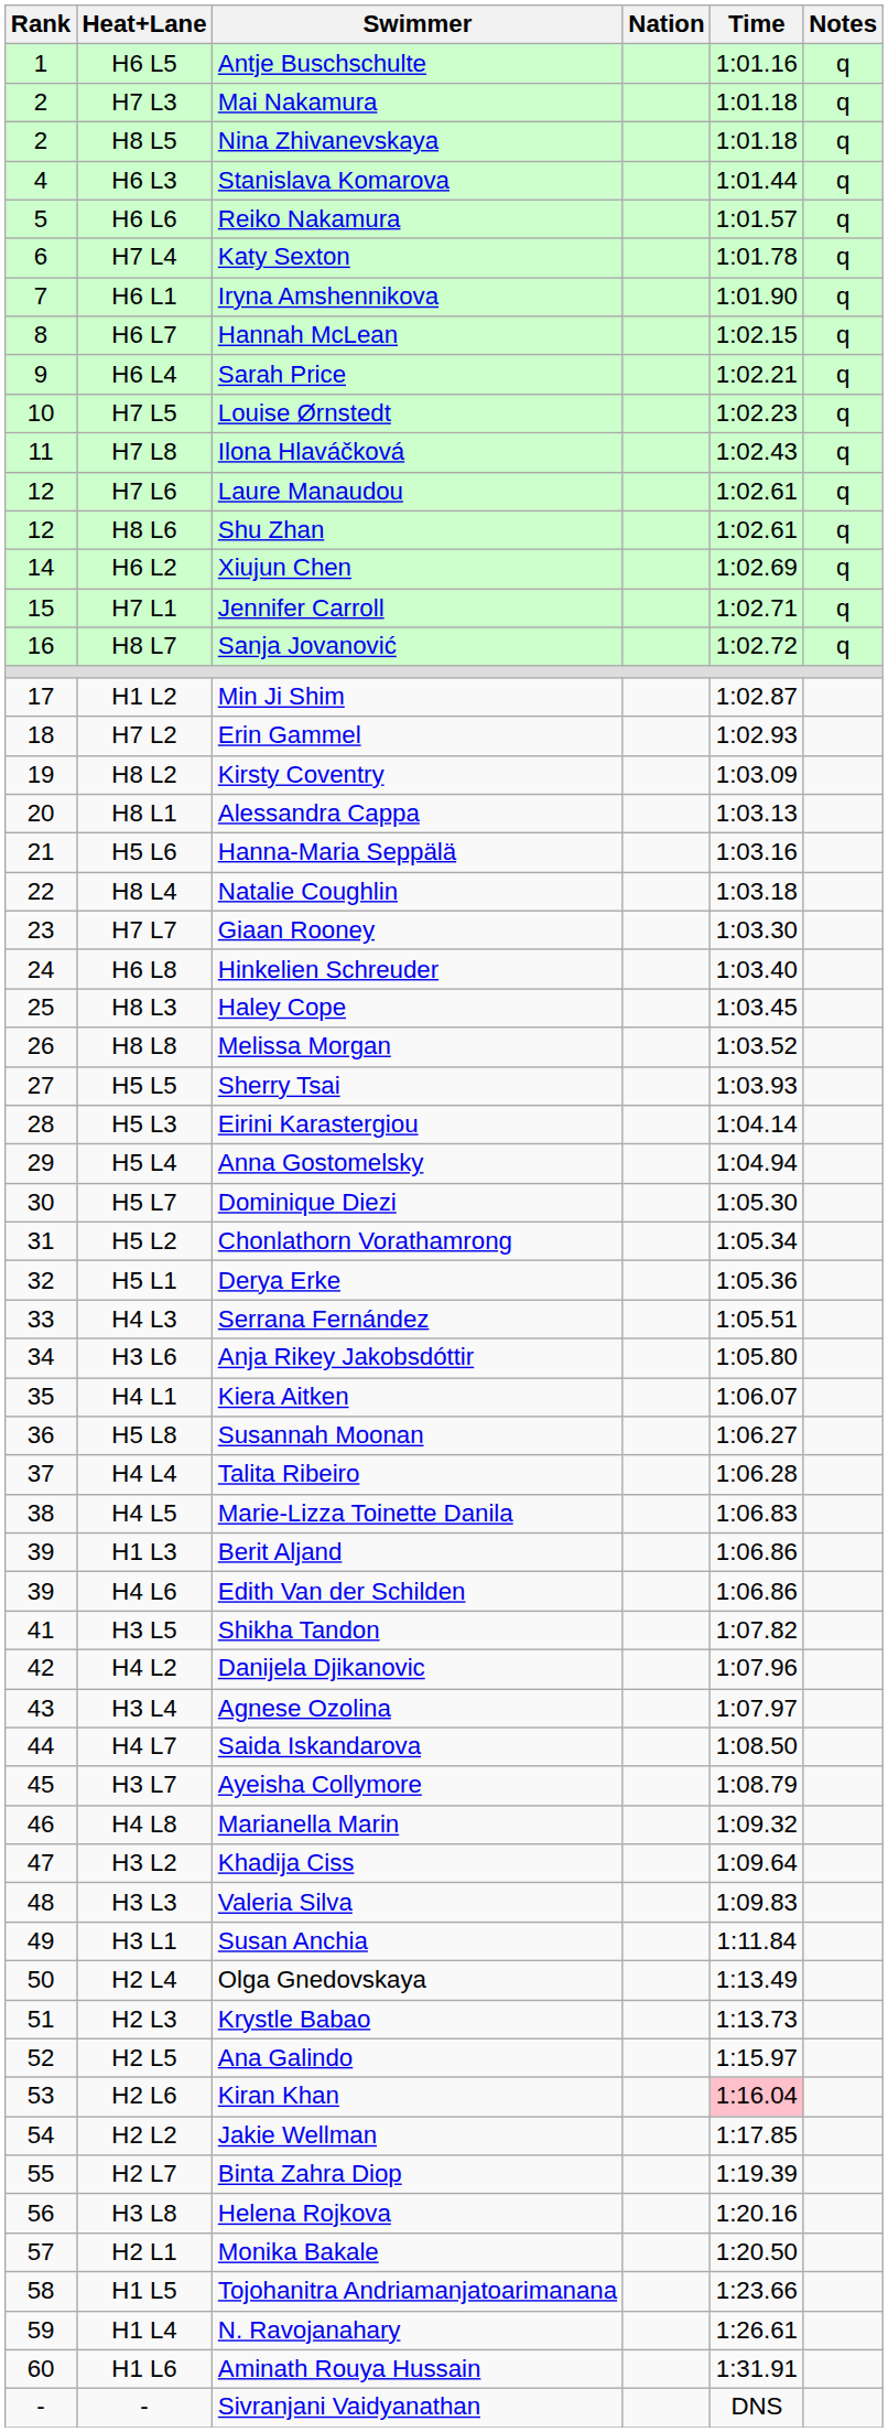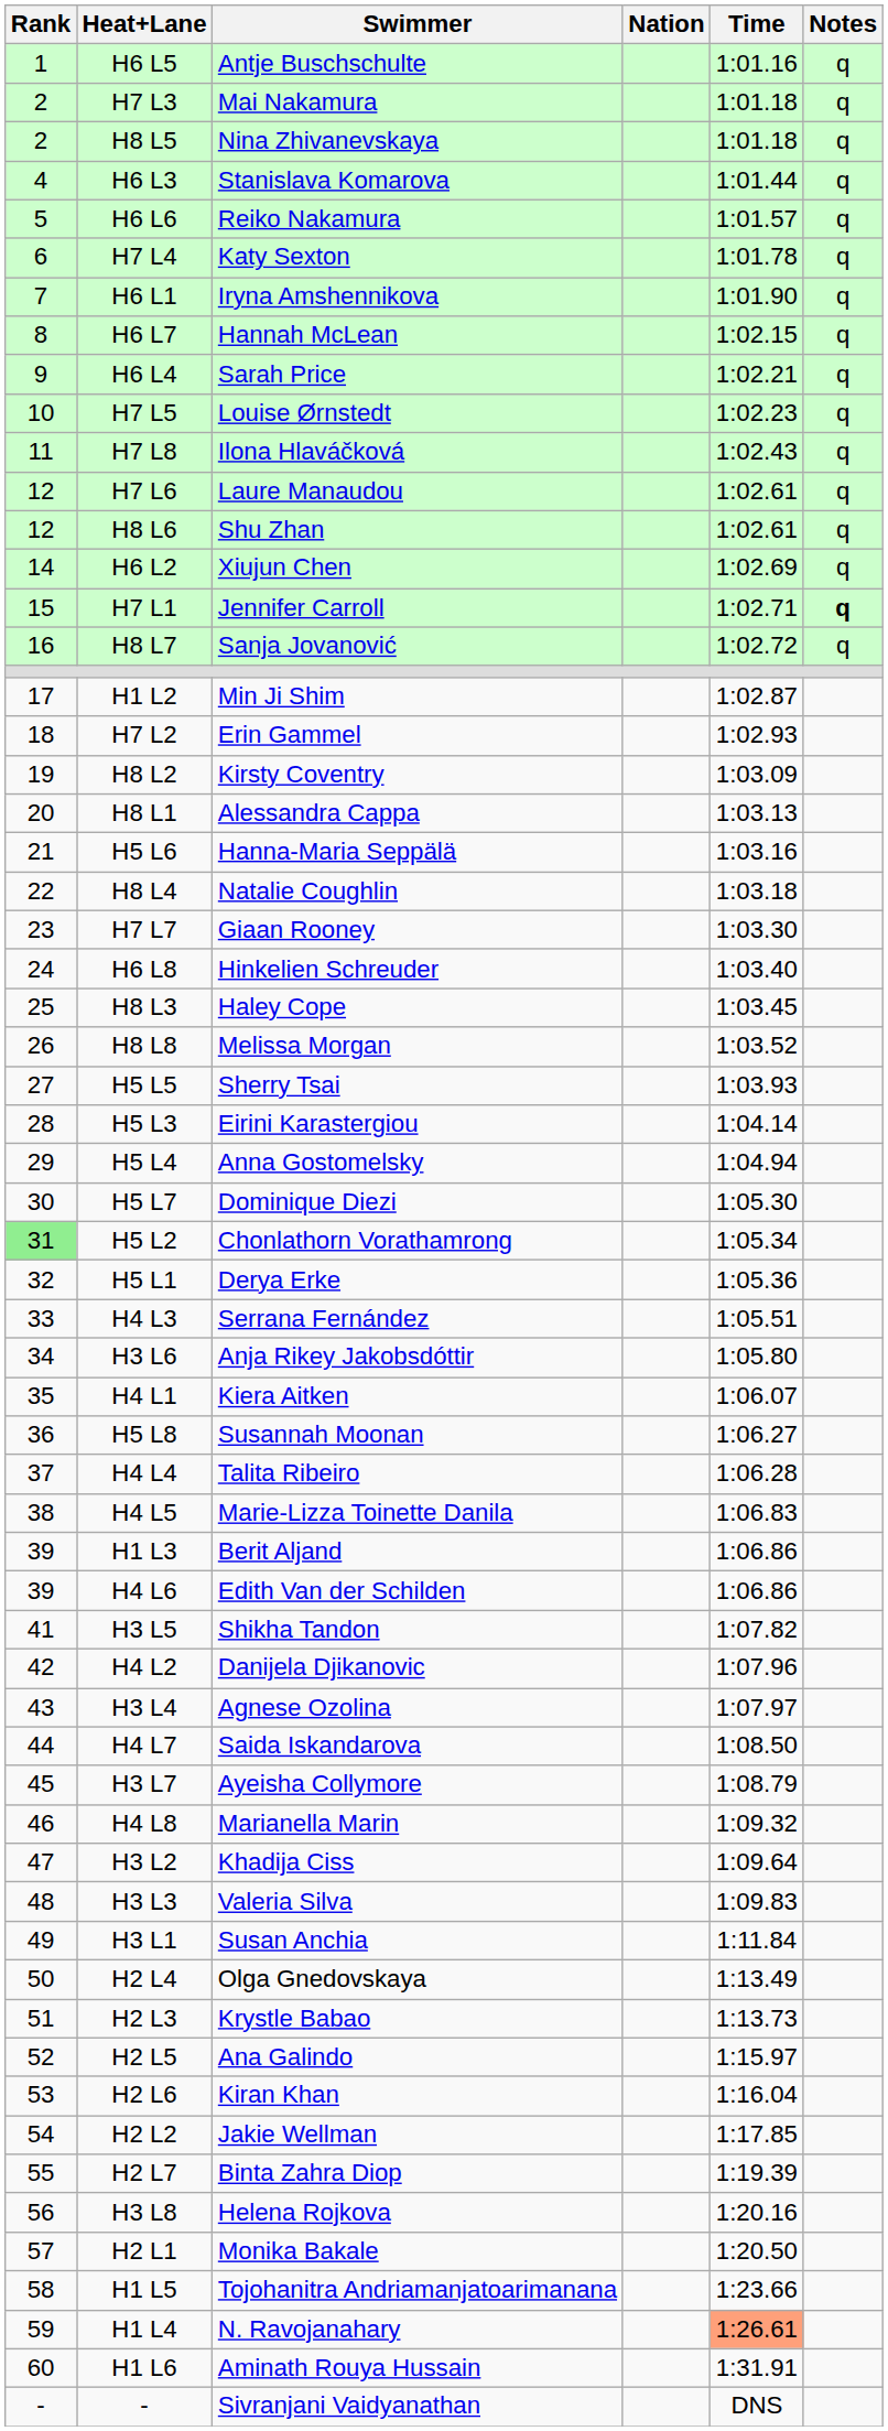 <table class="wikitable sortable" style="text-align:center">
 <tr>
 <th>Rank</th>
 <th>Heat+Lane</th>
 <th>Swimmer</th>
 <th>Nation</th>
 <th>Time</th>
 <th>Notes</th>
 </tr>
 <tr bgcolor=ccffcc>
 <td>1</td>
 <td>H6 L5</td>
 <td align=left><a href='#'>Antje Buschschulte</a></td>
 <td align=left></td>
 <td>1:01.16</td>
 <td>q</td>
 </tr>
 <tr bgcolor=ccffcc>
 <td>2</td>
 <td>H7 L3</td>
 <td align=left><a href='#'>Mai Nakamura</a></td>
 <td align=left></td>
 <td>1:01.18</td>
 <td>q</td>
 </tr>
 <tr bgcolor=ccffcc>
 <td>2</td>
 <td>H8 L5</td>
 <td align=left><a href='#'>Nina Zhivanevskaya</a></td>
 <td align=left></td>
 <td>1:01.18</td>
 <td>q</td>
 </tr>
 <tr bgcolor=ccffcc>
 <td>4</td>
 <td>H6 L3</td>
 <td align=left><a href='#'>Stanislava Komarova</a></td>
 <td align=left></td>
 <td>1:01.44</td>
 <td>q</td>
 </tr>
 <tr bgcolor=ccffcc>
 <td>5</td>
 <td>H6 L6</td>
 <td align=left><a href='#'>Reiko Nakamura</a></td>
 <td align=left></td>
 <td>1:01.57</td>
 <td>q</td>
 </tr>
 <tr bgcolor=ccffcc>
 <td>6</td>
 <td>H7 L4</td>
 <td align=left><a href='#'>Katy Sexton</a></td>
 <td align=left></td>
 <td>1:01.78</td>
 <td>q</td>
 </tr>
 <tr bgcolor=ccffcc>
 <td>7</td>
 <td>H6 L1</td>
 <td align=left><a href='#'>Iryna Amshennikova</a></td>
 <td align=left></td>
 <td>1:01.90</td>
 <td>q</td>
 </tr>
 <tr bgcolor=ccffcc>
 <td>8</td>
 <td>H6 L7</td>
 <td align=left><a href='#'>Hannah McLean</a></td>
 <td align=left></td>
 <td>1:02.15</td>
 <td>q</td>
 </tr>
 <tr bgcolor=ccffcc>
 <td>9</td>
 <td>H6 L4</td>
 <td align=left><a href='#'>Sarah Price</a></td>
 <td align=left></td>
 <td>1:02.21</td>
 <td>q</td>
 </tr>
 <tr bgcolor=ccffcc>
 <td>10</td>
 <td>H7 L5</td>
 <td align=left><a href='#'>Louise Ørnstedt</a></td>
 <td align=left></td>
 <td>1:02.23</td>
 <td>q</td>
 </tr>
 <tr bgcolor=ccffcc>
 <td>11</td>
 <td>H7 L8</td>
 <td align=left><a href='#'>Ilona Hlaváčková</a></td>
 <td align=left></td>
 <td>1:02.43</td>
 <td>q</td>
 </tr>
 <tr bgcolor=ccffcc>
 <td>12</td>
 <td>H7 L6</td>
 <td align=left><a href='#'>Laure Manaudou</a></td>
 <td align=left></td>
 <td>1:02.61</td>
 <td>q</td>
 </tr>
 <tr bgcolor=ccffcc>
 <td>12</td>
 <td>H8 L6</td>
 <td align=left><a href='#'>Shu Zhan</a></td>
 <td align=left></td>
 <td>1:02.61</td>
 <td>q</td>
 </tr>
 <tr bgcolor=ccffcc>
 <td>14</td>
 <td>H6 L2</td>
 <td align=left><a href='#'>Xiujun Chen</a></td>
 <td align=left></td>
 <td>1:02.69</td>
 <td>q</td>
 </tr>
 <tr bgcolor=ccffcc>
 <td>15</td>
 <td>H7 L1</td>
 <td align=left><a href='#'>Jennifer Carroll</a></td>
 <td align=left></td>
 <td>1:02.71</td>
-<td>q</td>
+<td><strong>q</strong></td>
 </tr>
 <tr bgcolor=ccffcc>
 <td>16</td>
 <td>H8 L7</td>
 <td align=left><a href='#'>Sanja Jovanović</a></td>
 <td align=left></td>
 <td>1:02.72</td>
 <td>q</td>
 </tr>
 <tr bgcolor=#DDDDDD>
 <td colspan=6></td>
 </tr>
 <tr>
 <td>17</td>
 <td>H1 L2</td>
 <td align=left><a href='#'>Min Ji Shim</a></td>
 <td align=left></td>
 <td>1:02.87</td>
 <td></td>
 </tr>
 <tr>
 <td>18</td>
 <td>H7 L2</td>
 <td align=left><a href='#'>Erin Gammel</a></td>
 <td align=left></td>
 <td>1:02.93</td>
 <td></td>
 </tr>
 <tr>
 <td>19</td>
 <td>H8 L2</td>
 <td align=left><a href='#'>Kirsty Coventry</a></td>
 <td align=left></td>
 <td>1:03.09</td>
 <td></td>
 </tr>
 <tr>
 <td>20</td>
 <td>H8 L1</td>
 <td align=left><a href='#'>Alessandra Cappa</a></td>
 <td align=left></td>
 <td>1:03.13</td>
 <td></td>
 </tr>
 <tr>
 <td>21</td>
 <td>H5 L6</td>
 <td align=left><a href='#'>Hanna-Maria Seppälä</a></td>
 <td align=left></td>
 <td>1:03.16</td>
 <td></td>
 </tr>
 <tr>
 <td>22</td>
 <td>H8 L4</td>
 <td align=left><a href='#'>Natalie Coughlin</a></td>
 <td align=left></td>
 <td>1:03.18</td>
 <td></td>
 </tr>
 <tr>
 <td>23</td>
 <td>H7 L7</td>
 <td align=left><a href='#'>Giaan Rooney</a></td>
 <td align=left></td>
 <td>1:03.30</td>
 <td></td>
 </tr>
 <tr>
 <td>24</td>
 <td>H6 L8</td>
 <td align=left><a href='#'>Hinkelien Schreuder</a></td>
 <td align=left></td>
 <td>1:03.40</td>
 <td></td>
 </tr>
 <tr>
 <td>25</td>
 <td>H8 L3</td>
 <td align=left><a href='#'>Haley Cope</a></td>
 <td align=left></td>
 <td>1:03.45</td>
 <td></td>
 </tr>
 <tr>
 <td>26</td>
 <td>H8 L8</td>
 <td align=left><a href='#'>Melissa Morgan</a></td>
 <td align=left></td>
 <td>1:03.52</td>
 <td></td>
 </tr>
 <tr>
 <td>27</td>
 <td>H5 L5</td>
 <td align=left><a href='#'>Sherry Tsai</a></td>
 <td align=left></td>
 <td>1:03.93</td>
 <td></td>
 </tr>
 <tr>
 <td>28</td>
 <td>H5 L3</td>
 <td align=left><a href='#'>Eirini Karastergiou</a></td>
 <td align=left></td>
 <td>1:04.14</td>
 <td></td>
 </tr>
 <tr>
 <td>29</td>
 <td>H5 L4</td>
 <td align=left><a href='#'>Anna Gostomelsky</a></td>
 <td align=left></td>
 <td>1:04.94</td>
 <td></td>
 </tr>
 <tr>
 <td>30</td>
 <td>H5 L7</td>
 <td align=left><a href='#'>Dominique Diezi</a></td>
 <td align=left></td>
 <td>1:05.30</td>
 <td></td>
 </tr>
 <tr>
-<td>31</td>
+<td style="background: lightgreen;">31</td>
 <td>H5 L2</td>
 <td align=left><a href='#'>Chonlathorn Vorathamrong</a></td>
 <td align=left></td>
 <td>1:05.34</td>
 <td></td>
 </tr>
 <tr>
 <td>32</td>
 <td>H5 L1</td>
 <td align=left><a href='#'>Derya Erke</a></td>
 <td align=left></td>
 <td>1:05.36</td>
 <td></td>
 </tr>
 <tr>
 <td>33</td>
 <td>H4 L3</td>
 <td align=left><a href='#'>Serrana Fernández</a></td>
 <td align=left></td>
 <td>1:05.51</td>
 <td></td>
 </tr>
 <tr>
 <td>34</td>
 <td>H3 L6</td>
 <td align=left><a href='#'>Anja Rikey Jakobsdóttir</a></td>
 <td align=left></td>
 <td>1:05.80</td>
 <td></td>
 </tr>
 <tr>
 <td>35</td>
 <td>H4 L1</td>
 <td align=left><a href='#'>Kiera Aitken</a></td>
 <td align=left></td>
 <td>1:06.07</td>
 <td></td>
 </tr>
 <tr>
 <td>36</td>
 <td>H5 L8</td>
 <td align=left><a href='#'>Susannah Moonan</a></td>
 <td align=left></td>
 <td>1:06.27</td>
 <td></td>
 </tr>
 <tr>
 <td>37</td>
 <td>H4 L4</td>
 <td align=left><a href='#'>Talita Ribeiro</a></td>
 <td align=left></td>
 <td>1:06.28</td>
 <td></td>
 </tr>
 <tr>
 <td>38</td>
 <td>H4 L5</td>
 <td align=left><a href='#'>Marie-Lizza Toinette Danila</a></td>
 <td align=left></td>
 <td>1:06.83</td>
 <td></td>
 </tr>
 <tr>
 <td>39</td>
 <td>H1 L3</td>
 <td align=left><a href='#'>Berit Aljand</a></td>
 <td align=left></td>
 <td>1:06.86</td>
 <td></td>
 </tr>
 <tr>
 <td>39</td>
 <td>H4 L6</td>
 <td align=left><a href='#'>Edith Van der Schilden</a></td>
 <td align=left></td>
 <td>1:06.86</td>
 <td></td>
 </tr>
 <tr>
 <td>41</td>
 <td>H3 L5</td>
 <td align=left><a href='#'>Shikha Tandon</a></td>
 <td align=left></td>
 <td>1:07.82</td>
 <td></td>
 </tr>
 <tr>
 <td>42</td>
 <td>H4 L2</td>
 <td align=left><a href='#'>Danijela Djikanovic</a></td>
 <td align=left></td>
 <td>1:07.96</td>
 <td></td>
 </tr>
 <tr>
 <td>43</td>
 <td>H3 L4</td>
 <td align=left><a href='#'>Agnese Ozolina</a></td>
 <td align=left></td>
 <td>1:07.97</td>
 <td></td>
 </tr>
 <tr>
 <td>44</td>
 <td>H4 L7</td>
 <td align=left><a href='#'>Saida Iskandarova</a></td>
 <td align=left></td>
 <td>1:08.50</td>
 <td></td>
 </tr>
 <tr>
 <td>45</td>
 <td>H3 L7</td>
 <td align=left><a href='#'>Ayeisha Collymore</a></td>
 <td align=left></td>
 <td>1:08.79</td>
 <td></td>
 </tr>
 <tr>
 <td>46</td>
 <td>H4 L8</td>
 <td align=left><a href='#'>Marianella Marin</a></td>
 <td align=left></td>
 <td>1:09.32</td>
 <td></td>
 </tr>
 <tr>
 <td>47</td>
 <td>H3 L2</td>
 <td align=left><a href='#'>Khadija Ciss</a></td>
 <td align=left></td>
 <td>1:09.64</td>
 <td></td>
 </tr>
 <tr>
 <td>48</td>
 <td>H3 L3</td>
 <td align=left><a href='#'>Valeria Silva</a></td>
 <td align=left></td>
 <td>1:09.83</td>
 <td></td>
 </tr>
 <tr>
 <td>49</td>
 <td>H3 L1</td>
 <td align=left><a href='#'>Susan Anchia</a></td>
 <td align=left></td>
 <td>1:11.84</td>
 <td></td>
 </tr>
 <tr>
 <td>50</td>
 <td>H2 L4</td>
 <td align=left>Olga Gnedovskaya</td>
 <td align=left></td>
 <td>1:13.49</td>
 <td></td>
 </tr>
 <tr>
 <td>51</td>
 <td>H2 L3</td>
 <td align=left><a href='#'>Krystle Babao</a></td>
 <td align=left></td>
 <td>1:13.73</td>
 <td></td>
 </tr>
 <tr>
 <td>52</td>
 <td>H2 L5</td>
 <td align=left><a href='#'>Ana Galindo</a></td>
 <td align=left></td>
 <td>1:15.97</td>
 <td></td>
 </tr>
 <tr>
 <td>53</td>
 <td>H2 L6</td>
 <td align=left><a href='#'>Kiran Khan</a></td>
 <td align=left></td>
-<td style="background: pink;">1:16.04</td>
+<td>1:16.04</td>
 <td></td>
 </tr>
 <tr>
 <td>54</td>
 <td>H2 L2</td>
 <td align=left><a href='#'>Jakie Wellman</a></td>
 <td align=left></td>
 <td>1:17.85</td>
 <td></td>
 </tr>
 <tr>
 <td>55</td>
 <td>H2 L7</td>
 <td align=left><a href='#'>Binta Zahra Diop</a></td>
 <td align=left></td>
 <td>1:19.39</td>
 <td></td>
 </tr>
 <tr>
 <td>56</td>
 <td>H3 L8</td>
 <td align=left><a href='#'>Helena Rojkova</a></td>
 <td align=left></td>
 <td>1:20.16</td>
 <td></td>
 </tr>
 <tr>
 <td>57</td>
 <td>H2 L1</td>
 <td align=left><a href='#'>Monika Bakale</a></td>
 <td align=left></td>
 <td>1:20.50</td>
 <td></td>
 </tr>
 <tr>
 <td>58</td>
 <td>H1 L5</td>
 <td align=left><a href='#'>Tojohanitra Andriamanjatoarimanana</a></td>
 <td align=left></td>
 <td>1:23.66</td>
 <td></td>
 </tr>
 <tr>
 <td>59</td>
 <td>H1 L4</td>
 <td align=left><a href='#'>N. Ravojanahary</a></td>
 <td align=left></td>
-<td>1:26.61</td>
+<td style="background: lightsalmon;">1:26.61</td>
 <td></td>
 </tr>
 <tr>
 <td>60</td>
 <td>H1 L6</td>
 <td align=left><a href='#'>Aminath Rouya Hussain</a></td>
 <td align=left></td>
 <td>1:31.91</td>
 <td></td>
 </tr>
 <tr>
 <td>-</td>
 <td>-</td>
 <td align=left><a href='#'>Sivranjani Vaidyanathan</a></td>
 <td align=left></td>
 <td>DNS</td>
 <td></td>
 </tr>
 <tr>
 </tr>
 </table>
